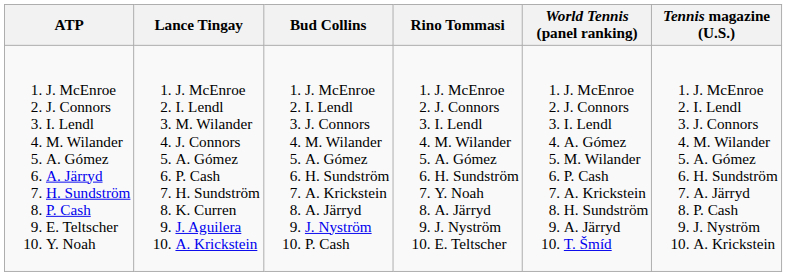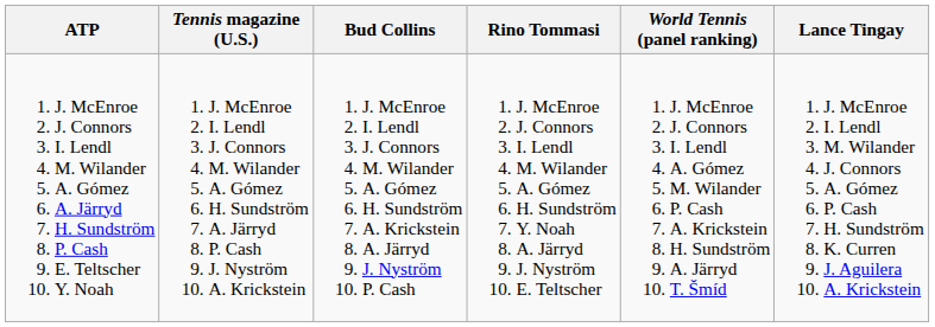 <table class="wikitable">
 <tr>
 <th>ATP</th>
-<th>Lance Tingay</th>
+<th><em>Tennis</em> magazine<br>(U.S.)</th>
 <th>Bud Collins</th>
 <th>Rino Tommasi</th>
 <th><em>World Tennis</em><br>(panel ranking)</th>
-<th><em>Tennis</em> magazine<br>(U.S.)</th>
+<th>Lance Tingay</th>
 </tr>
 <tr style="vertical-align: top;">
 <td style="white-space: nowrap;"><br><ol><li> J. McEnroe</li><li> J. Connors</li><li> I. Lendl</li><li> M. Wilander</li><li> A. Gómez</li><li> <a href='#'>A. Järryd</a></li><li> <a href='#'>H. Sundström</a></li><li> <a href='#'>P. Cash</a></li><li> E. Teltscher</li><li> Y. Noah</li></ol></td>
-<td style="white-space: nowrap;"><br><ol><li> J. McEnroe</li><li> I. Lendl</li><li> M. Wilander</li><li> J. Connors</li><li> A. Gómez</li><li> P. Cash</li><li> H. Sundström</li><li> K. Curren</li><li> <a href='#'>J. Aguilera</a></li><li> <a href='#'>A. Krickstein</a></li></ol></td>
+<td style="white-space: nowrap;"><br><ol><li> J. McEnroe</li><li> I. Lendl</li><li> J. Connors</li><li> M. Wilander</li><li> A. Gómez</li><li> H. Sundström</li><li> A. Järryd</li><li> P. Cash</li><li> J. Nyström</li><li> A. Krickstein</li></ol></td>
 <td style="white-space: nowrap;"><br><ol><li> J. McEnroe</li><li> I. Lendl</li><li> J. Connors</li><li> M. Wilander</li><li> A. Gómez</li><li> H. Sundström</li><li> A. Krickstein</li><li> A. Järryd</li><li> <a href='#'>J. Nyström</a></li><li> P. Cash</li></ol></td>
 <td style="white-space: nowrap;"><br><ol><li> J. McEnroe</li><li> J. Connors</li><li> I. Lendl</li><li> M. Wilander</li><li> A. Gómez</li><li> H. Sundström</li><li> Y. Noah</li><li> A. Järryd</li><li> J. Nyström</li><li> E. Teltscher</li></ol></td>
 <td style="white-space: nowrap;"><br><ol><li> J. McEnroe</li><li> J. Connors</li><li> I. Lendl</li><li> A. Gómez</li><li> M. Wilander</li><li> P. Cash</li><li> A. Krickstein</li><li> H. Sundström</li><li> A. Järryd</li><li> <a href='#'>T. Šmíd</a></li></ol></td>
-<td style="white-space: nowrap;"><br><ol><li> J. McEnroe</li><li> I. Lendl</li><li> J. Connors</li><li> M. Wilander</li><li> A. Gómez</li><li> H. Sundström</li><li> A. Järryd</li><li> P. Cash</li><li> J. Nyström</li><li> A. Krickstein</li></ol></td>
+<td style="white-space: nowrap;"><br><ol><li> J. McEnroe</li><li> I. Lendl</li><li> M. Wilander</li><li> J. Connors</li><li> A. Gómez</li><li> P. Cash</li><li> H. Sundström</li><li> K. Curren</li><li> <a href='#'>J. Aguilera</a></li><li> <a href='#'>A. Krickstein</a></li></ol></td>
 </tr>
 </table>
